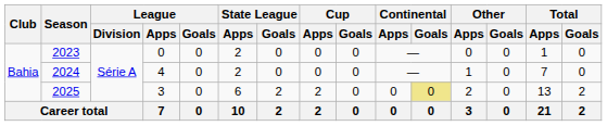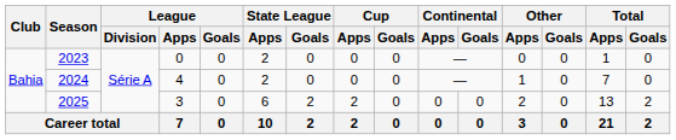 <table class="wikitable" style="text-align: center;">
 <tr>
 <th rowspan="2">Club</th>
 <th rowspan="2">Season</th>
 <th colspan="3">League</th>
 <th colspan="2">State League</th>
 <th colspan="2">Cup</th>
 <th colspan="2">Continental</th>
 <th colspan="2">Other</th>
 <th colspan="2">Total</th>
 </tr>
 <tr>
 <th>Division</th>
 <th>Apps</th>
 <th>Goals</th>
 <th>Apps</th>
 <th>Goals</th>
 <th>Apps</th>
 <th>Goals</th>
 <th>Apps</th>
 <th>Goals</th>
 <th>Apps</th>
 <th>Goals</th>
 <th>Apps</th>
 <th>Goals</th>
 </tr>
 <tr>
 <td rowspan="3" valign="center"><a href='#'>Bahia</a></td>
 <td><a href='#'>2023</a></td>
 <td rowspan="3"><a href='#'>Série A</a></td>
 <td>0</td>
 <td>0</td>
 <td>2</td>
 <td>0</td>
 <td>0</td>
 <td>0</td>
 <td colspan="2">—</td>
 <td>0</td>
 <td>0</td>
 <td>1</td>
 <td>0</td>
 </tr>
 <tr>
 <td><a href='#'>2024</a></td>
 <td>4</td>
 <td>0</td>
 <td>2</td>
 <td>0</td>
 <td>0</td>
 <td>0</td>
 <td colspan="2">—</td>
 <td>1</td>
 <td>0</td>
 <td>7</td>
 <td>0</td>
 </tr>
 <tr>
 <td><a href='#'>2025</a></td>
 <td>3</td>
 <td>0</td>
 <td>6</td>
 <td>2</td>
 <td>2</td>
 <td>0</td>
 <td>0</td>
-<td style="background: khaki;">0</td>
+<td>0</td>
 <td>2</td>
 <td>0</td>
 <td>13</td>
 <td>2</td>
 </tr>
 <tr>
 <th colspan="3"><strong>Career total</strong></th>
 <th>7</th>
 <th>0</th>
 <th>10</th>
 <th>2</th>
 <th>2</th>
 <th>0</th>
 <th>0</th>
 <th>0</th>
 <th>3</th>
 <th>0</th>
 <th>21</th>
 <th>2</th>
 </tr>
 </table>
